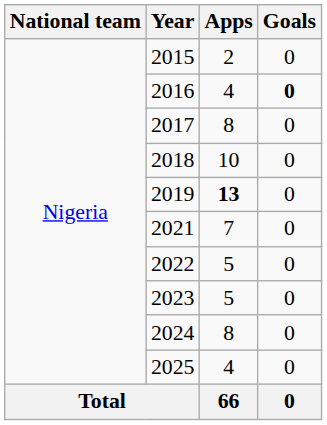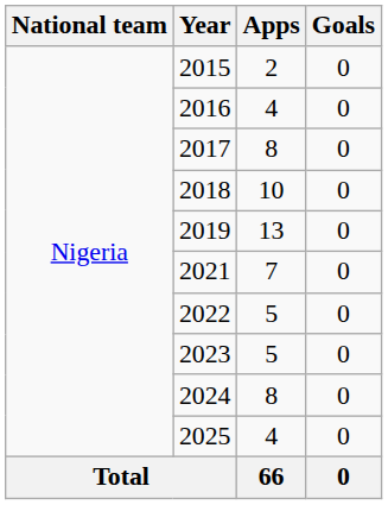 <table class=wikitable style=text-align:center>
 <tr>
 <th>National team</th>
 <th>Year</th>
 <th>Apps</th>
 <th>Goals</th>
 </tr>
 <tr>
 <td rowspan=10><a href='#'>Nigeria</a></td>
 <td>2015</td>
 <td>2</td>
 <td>0</td>
 </tr>
 <tr>
 <td>2016</td>
 <td>4</td>
-<td><strong>0</strong></td>
+<td>0</td>
 </tr>
 <tr>
 <td>2017</td>
 <td>8</td>
 <td>0</td>
 </tr>
 <tr>
 <td>2018</td>
 <td>10</td>
 <td>0</td>
 </tr>
 <tr>
 <td>2019</td>
-<td><strong>13</strong></td>
+<td>13</td>
 <td>0</td>
 </tr>
 <tr>
 <td>2021</td>
 <td>7</td>
 <td>0</td>
 </tr>
 <tr>
 <td>2022</td>
 <td>5</td>
 <td>0</td>
 </tr>
 <tr>
 <td>2023</td>
 <td>5</td>
 <td>0</td>
 </tr>
 <tr>
 <td>2024</td>
 <td>8</td>
 <td>0</td>
 </tr>
 <tr>
 <td>2025</td>
 <td>4</td>
 <td>0</td>
 </tr>
 <tr>
 <th colspan=2>Total</th>
 <th>66</th>
 <th>0</th>
 </tr>
 </table>
